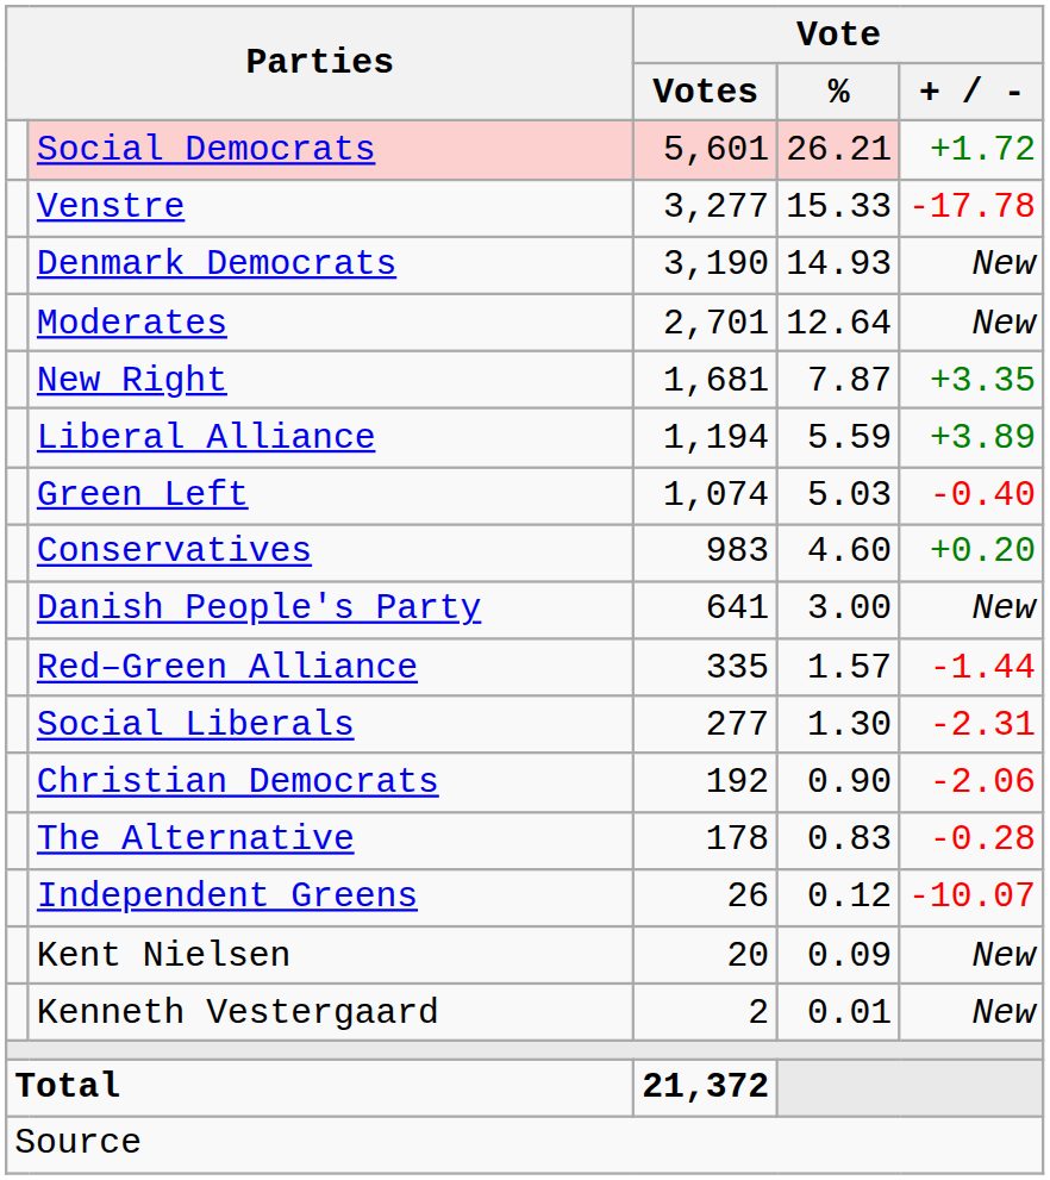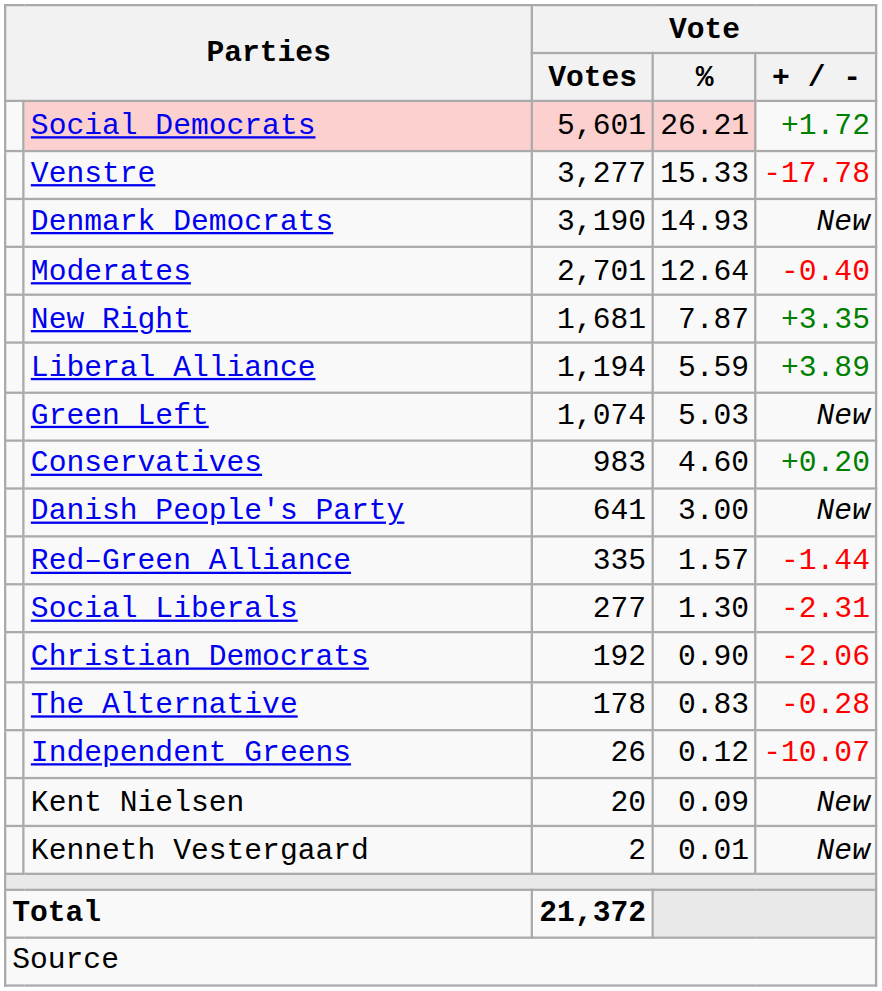 <table class="wikitable" style="text-align:right;">
 <tr>
 <th style="text-align:centre;" rowspan="2" colspan="2" width="225">Parties</th>
 <th colspan="3">Vote</th>
 </tr>
 <tr>
 <th width="15">Votes</th>
 <th width="15">%</th>
 <th width="15">+ / -</th>
 </tr>
 <tr>
 <td width="2" style="color:inherit;background:"></td>
 <td bgcolor=#fbd0ce  align="left"><a href='#'>Social Democrats</a></td>
 <td bgcolor=#fbd0ce>5,601</td>
 <td bgcolor=#fbd0ce>26.21</td>
 <td style=color:green;>+1.72</td>
 </tr>
 <tr>
 <td width="2" style="color:inherit;background:"></td>
 <td align="left"><a href='#'>Venstre</a></td>
 <td>3,277</td>
 <td>15.33</td>
 <td style=color:red;>-17.78</td>
 </tr>
 <tr>
 <td width="2" style="color:inherit;background:"></td>
 <td align="left"><a href='#'>Denmark Democrats</a></td>
 <td>3,190</td>
 <td>14.93</td>
 <td><em>New</em></td>
 </tr>
 <tr>
 <td width="2" style="color:inherit;background:"></td>
 <td align="left"><a href='#'>Moderates</a></td>
 <td>2,701</td>
 <td>12.64</td>
-<td><em>New</em></td>
+<td style=color:red;>-0.40</td>
 </tr>
 <tr>
 <td width="2" style="color:inherit;background:"></td>
 <td align="left"><a href='#'>New Right</a></td>
 <td>1,681</td>
 <td>7.87</td>
 <td style=color:green;>+3.35</td>
 </tr>
 <tr>
 <td width="2" style="color:inherit;background:"></td>
 <td align="left"><a href='#'>Liberal Alliance</a></td>
 <td>1,194</td>
 <td>5.59</td>
 <td style=color:green;>+3.89</td>
 </tr>
 <tr>
 <td width="2" style="color:inherit;background:"></td>
 <td align="left"><a href='#'>Green Left</a></td>
 <td>1,074</td>
 <td>5.03</td>
-<td style=color:red;>-0.40</td>
+<td><em>New</em></td>
 </tr>
 <tr>
 <td width="2" style="color:inherit;background:"></td>
 <td align="left"><a href='#'>Conservatives</a></td>
 <td>983</td>
 <td>4.60</td>
 <td style=color:green;>+0.20</td>
 </tr>
 <tr>
 <td width="2" style="color:inherit;background:"></td>
 <td align="left"><a href='#'>Danish People's Party</a></td>
 <td>641</td>
 <td>3.00</td>
 <td><em>New</em></td>
 </tr>
 <tr>
 <td width="2" style="color:inherit;background:"></td>
 <td align="left"><a href='#'>Red–Green Alliance</a></td>
 <td>335</td>
 <td>1.57</td>
 <td style=color:red;>-1.44</td>
 </tr>
 <tr>
 <td width="2" style="color:inherit;background:"></td>
 <td align="left"><a href='#'>Social Liberals</a></td>
 <td>277</td>
 <td>1.30</td>
 <td style=color:red;>-2.31</td>
 </tr>
 <tr>
 <td width="2" style="color:inherit;background:"></td>
 <td align="left"><a href='#'>Christian Democrats</a></td>
 <td>192</td>
 <td>0.90</td>
 <td style=color:red;>-2.06</td>
 </tr>
 <tr>
 <td width="2" style="color:inherit;background:"></td>
 <td align="left"><a href='#'>The Alternative</a></td>
 <td>178</td>
 <td>0.83</td>
 <td style=color:red;>-0.28</td>
 </tr>
 <tr>
 <td width="2" style="color:inherit;background:"></td>
 <td align="left"><a href='#'>Independent Greens</a></td>
 <td>26</td>
 <td>0.12</td>
 <td style=color:red;>-10.07</td>
 </tr>
 <tr>
 <td width="2" style="color:inherit;background:"></td>
 <td align="left">Kent Nielsen</td>
 <td>20</td>
 <td>0.09</td>
 <td><em>New</em></td>
 </tr>
 <tr>
 <td width="2" style="color:inherit;background:"></td>
 <td align="left">Kenneth Vestergaard</td>
 <td>2</td>
 <td>0.01</td>
 <td><em>New</em></td>
 </tr>
 <tr>
 <td colspan="7" bgcolor="#E9E9E9"></td>
 </tr>
 <tr>
 <td align="left" colspan="2"><strong>Total</strong></td>
 <td><strong>21,372</strong></td>
 <td bgcolor="#E9E9E9" colspan="2"></td>
 </tr>
 <tr>
 <td align="left" colspan="6">Source</td>
 </tr>
 </table>
